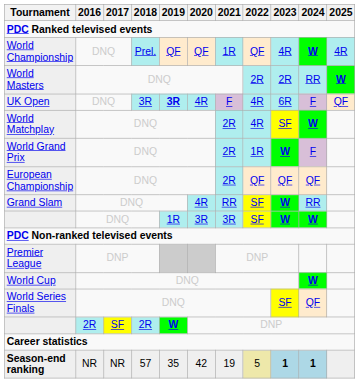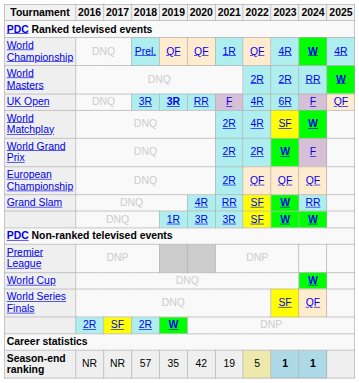 <table class="wikitable" style="width:20%; margin:0">
 <tr>
 <th>Tournament</th>
 <th>2016</th>
 <th>2017</th>
 <th>2018</th>
 <th>2019</th>
 <th>2020</th>
 <th>2021</th>
 <th>2022</th>
 <th>2023</th>
 <th>2024</th>
 <th>2025</th>
 </tr>
 <tr>
 <td colspan="13" style="text-align:left"><strong><a href='#'>PDC</a> Ranked televised events</strong></td>
 </tr>
 <tr>
 <td style="background:#efefef;"><a href='#'>World Championship</a></td>
 <td colspan="2" style="text-align:center; color:#ccc;">DNQ</td>
 <td style="text-align:center; background:#afeeee;"><a href='#'>Prel.</a></td>
 <td style="text-align:center; background:#ffebcd;"><a href='#'>QF</a></td>
 <td style="text-align:center; background:#ffebcd;"><a href='#'>QF</a></td>
 <td style="text-align:center; background:#afeeee;"><a href='#'>1R</a></td>
 <td style="text-align:center; background:#ffebcd;"><a href='#'>QF</a></td>
 <td style="text-align:center; background:#afeeee;"><a href='#'>4R</a></td>
 <td style="text-align:center; background:lime"><strong><a href='#'>W</a></strong></td>
 <td style="text-align:center; background:#afeeee;"><a href='#'>4R</a></td>
 </tr>
 <tr>
 <td style="background:#efefef;"><a href='#'>World Masters</a></td>
 <td colspan="6" style="text-align:center; color:#ccc;">DNQ</td>
 <td style="text-align:center; background:#afeeee;"><a href='#'>2R</a></td>
 <td style="text-align:center; background:#afeeee;"><a href='#'>2R</a></td>
 <td style="text-align:center; background:#afeeee;"><a href='#'>RR</a></td>
 <td style="text-align:center; background:lime"><strong><a href='#'>W</a></strong></td>
 </tr>
 <tr>
 <td style="background:#efefef;"><a href='#'>UK Open</a></td>
 <td colspan="2" style="text-align:center; color:#ccc;">DNQ</td>
 <td style="text-align:center; background:#afeeee;"><a href='#'>3R</a></td>
 <td style="text-align:center; background:#afeeee;"><strong><a href='#'>3R</a></strong></td>
-<td style="text-align:center; background:#afeeee;"><a href='#'>4R</a></td>
+<td style="text-align:center; background:#afeeee;"><a href='#'>RR</a></td>
 <td style="text-align:center; background:thistle;"><a href='#'>F</a></td>
 <td style="text-align:center; background:#afeeee;"><a href='#'>4R</a></td>
 <td style="text-align:center; background:#afeeee;"><a href='#'>6R</a></td>
 <td style="text-align:center; background:thistle;"><a href='#'>F</a></td>
 <td style="text-align:center; background:#ffebcd;"><a href='#'>QF</a></td>
 </tr>
 <tr>
 <td style="background:#efefef;"><a href='#'>World Matchplay</a></td>
 <td colspan="5" style="text-align:center; color:#ccc;">DNQ</td>
 <td style="text-align:center; background:#afeeee;"><a href='#'>2R</a></td>
 <td style="text-align:center; background:#afeeee;"><a href='#'>4R</a></td>
 <td style="text-align:center; background:yellow;"><a href='#'>SF</a></td>
 <td style="text-align:center; background:lime"><strong><a href='#'>W</a></strong></td>
 <td></td>
 </tr>
 <tr>
 <td style="background:#efefef;"><a href='#'>World Grand Prix</a></td>
 <td colspan="5" style="text-align:center; color:#ccc;">DNQ</td>
 <td style="text-align:center; background:#afeeee;"><a href='#'>2R</a></td>
-<td style="text-align:center; background:#afeeee;"><a href='#'>1R</a></td>
+<td style="text-align:center; background:#afeeee;"><a href='#'>2R</a></td>
 <td style="text-align:center; background:lime;"><a href='#'><strong>W</strong></a></td>
 <td style="text-align:center; background:thistle;"><a href='#'>F</a></td>
 <td></td>
 </tr>
 <tr>
 <td style="background:#efefef;"><a href='#'>European Championship</a></td>
 <td colspan="5" style="text-align:center; color:#ccc;">DNQ</td>
 <td style="text-align:center; background:#afeeee;"><a href='#'>2R</a></td>
 <td style="text-align:center; background:#ffebcd;"><a href='#'>QF</a></td>
 <td style="text-align:center; background:#ffebcd;"><a href='#'>QF</a></td>
 <td style="text-align:center; background:#ffebcd;"><a href='#'>QF</a></td>
 <td></td>
 </tr>
 <tr>
 <td style="background:#efefef;"><a href='#'>Grand Slam</a></td>
 <td colspan="4" style="text-align:center; color:#ccc;">DNQ</td>
 <td style="text-align:center; background:#afeeee;"><a href='#'>4R</a></td>
 <td style="text-align:center; background:#afeeee;"><a href='#'>RR</a></td>
 <td style="text-align:center; background:yellow;"><a href='#'>SF</a></td>
 <td style="text-align:center; background:lime;"><a href='#'><strong>W</strong></a></td>
 <td style="text-align:center; background:#afeeee;"><a href='#'>RR</a></td>
 <td></td>
 </tr>
 <tr>
 <td style="background:#efefef;"></td>
 <td colspan="3" style="text-align:center; color:#ccc;">DNQ</td>
 <td style="text-align:center; background:#afeeee;"><a href='#'>1R</a></td>
 <td style="text-align:center; background:#afeeee;"><a href='#'>3R</a></td>
 <td style="text-align:center; background:#afeeee;"><a href='#'>3R</a></td>
 <td style="text-align:center; background:yellow;"><a href='#'>SF</a></td>
 <td style="text-align:center; background:lime;"><a href='#'><strong>W</strong></a></td>
 <td style="text-align:center; background:lime;"><a href='#'><strong>W</strong></a></td>
 <td></td>
 </tr>
 <tr>
 <td colspan="13" style="text-align:left"><strong><a href='#'>PDC</a> Non-ranked televised events</strong></td>
 </tr>
 <tr>
 <td style="background:#efefef;"><a href='#'>Premier League</a></td>
 <td colspan="3" style="text-align:center; color:#ccc;">DNP</td>
 <td style="text-align:center; background:#ccc;"><a href='#'></a></td>
 <td style="text-align:center; background:#ccc;"><a href='#'></a></td>
 <td colspan="3" style="text-align:center; color:#ccc;">DNP</td>
 <td></td>
 <td></td>
 </tr>
 <tr>
 <td style="background:#efefef;"><a href='#'>World Cup</a></td>
 <td colspan="8" style="text-align:center; color:#ccc;">DNQ</td>
 <td style="text-align:center; background:lime;"><strong><a href='#'>W</a></strong></td>
 <td></td>
 </tr>
 <tr>
 <td style="background:#efefef;"><a href='#'>World Series Finals</a></td>
 <td colspan="7" style="text-align:center; color:#ccc;">DNQ</td>
 <td style="text-align:center; background:yellow;"><a href='#'>SF</a></td>
 <td style="text-align:center; background:#ffebcd;"><a href='#'>QF</a></td>
 <td></td>
 </tr>
 <tr>
 <td style="background:#efefef;"></td>
 <td style="text-align:center; background:#afeeee;"><a href='#'>2R</a></td>
 <td style="text-align:center; background:yellow;"><a href='#'>SF</a></td>
 <td style="text-align:center; background:#afeeee;"><a href='#'>2R</a></td>
 <td style="text-align:center; background:lime;"><a href='#'><strong>W</strong></a></td>
 <td colspan="6" style="text-align:center; color:#ccc;">DNP</td>
 </tr>
 <tr>
 <td colspan="22" align="left"><strong>Career statistics</strong></td>
 </tr>
 <tr bgcolor="efefef">
 <td align="left"><strong>Season-end ranking</strong></td>
 <td style="text-align:center;">NR</td>
 <td style="text-align:center;">NR</td>
 <td style="text-align:center;">57</td>
 <td style="text-align:center;">35</td>
 <td style="text-align:center;">42</td>
 <td style="text-align:center;">19</td>
 <td style="text-align:center; background:#eee8aa;">5</td>
 <td style="text-align:center; background:#add8e6;"><strong>1</strong></td>
 <td style="text-align:center; background:#add8e6;"><strong>1</strong></td>
 <td></td>
 </tr>
 </table>
